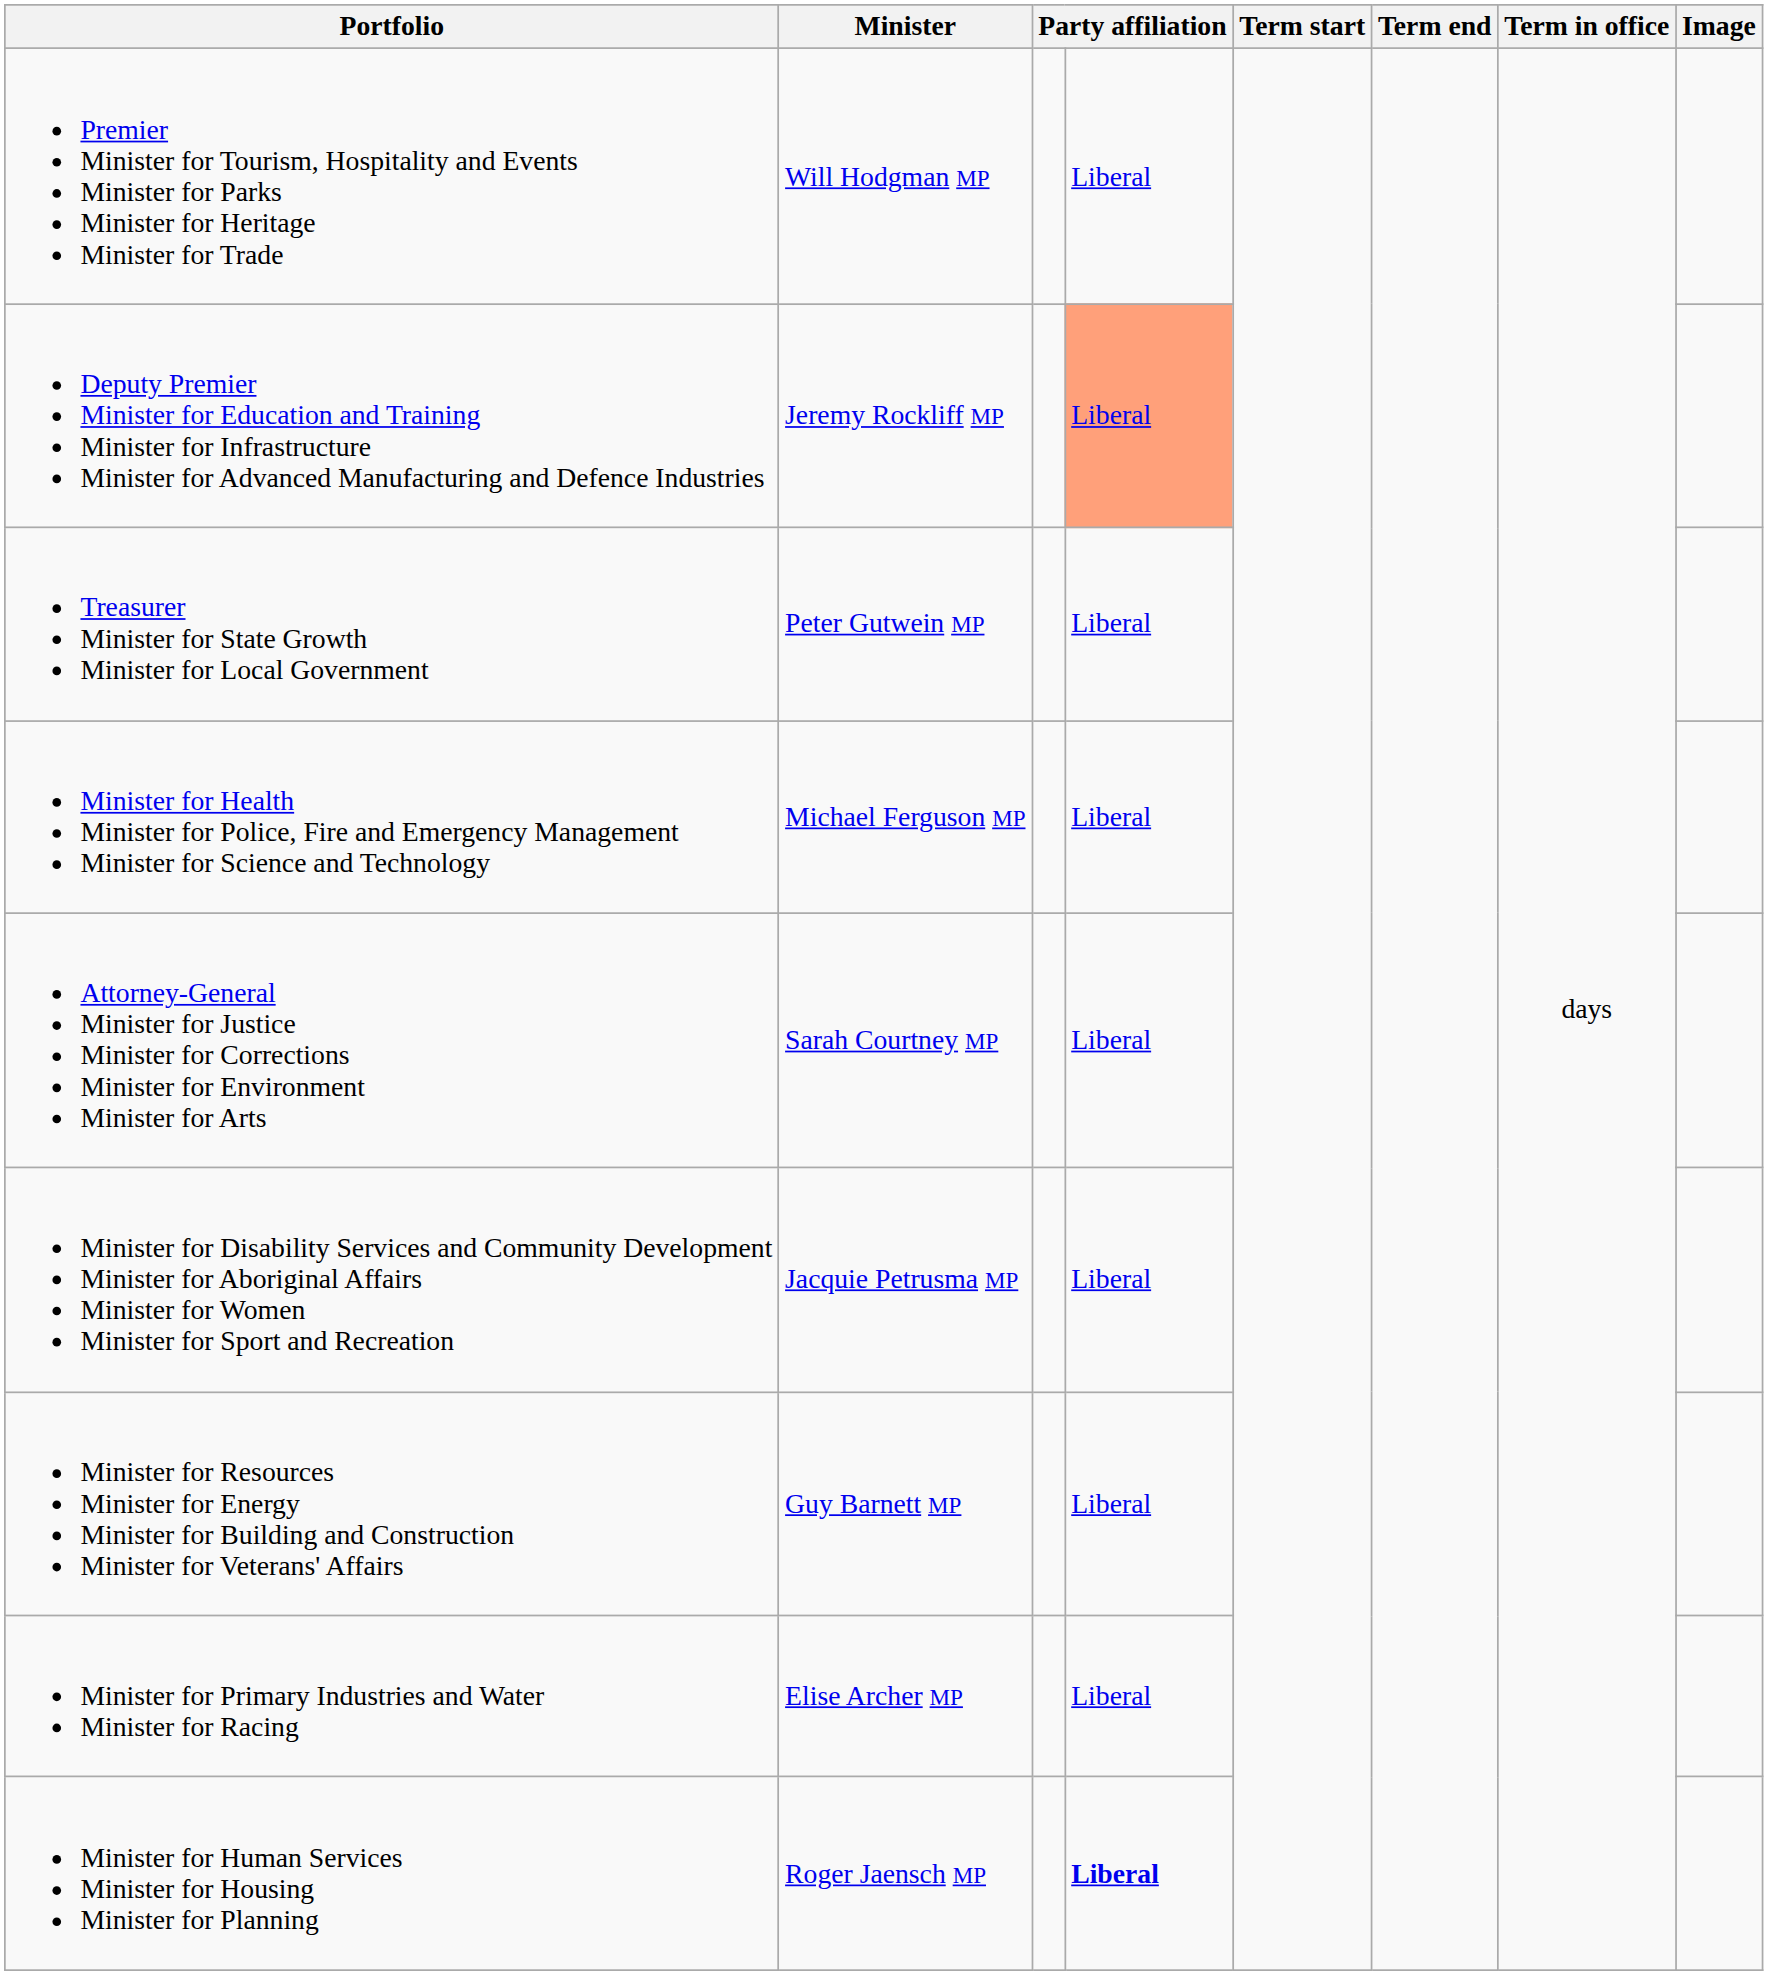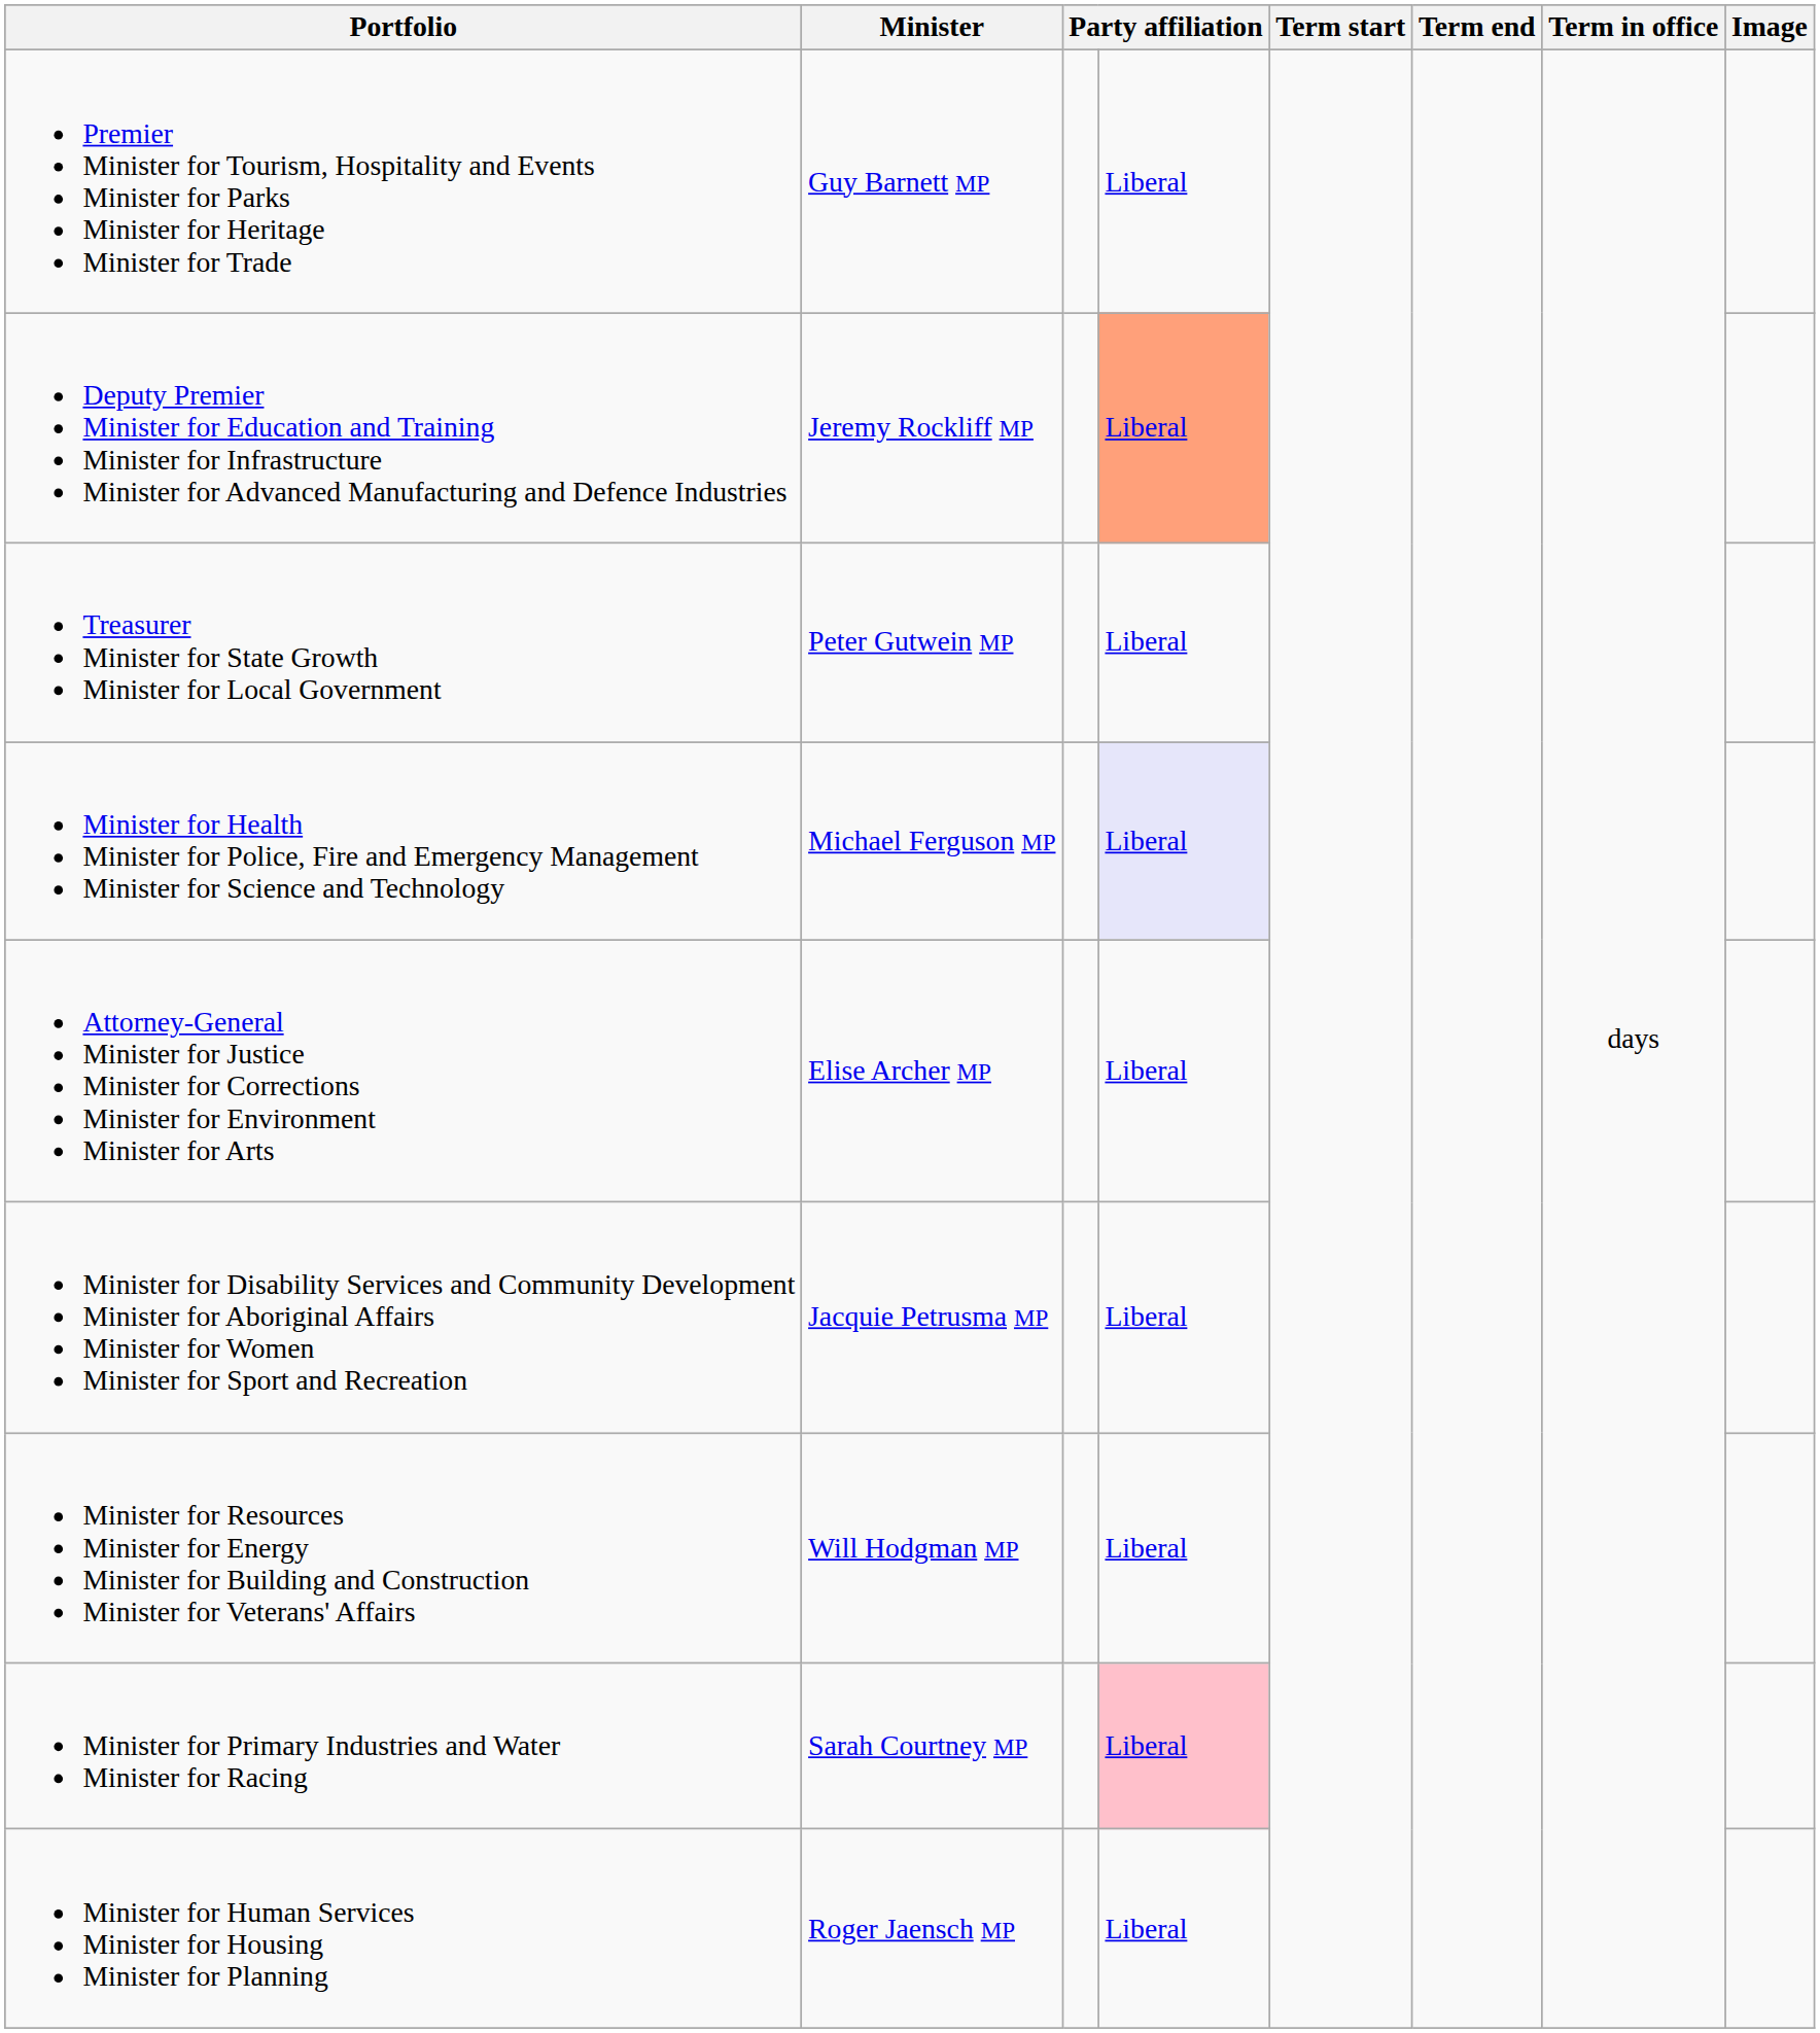 <table class="wikitable">
 <tr>
 <th>Portfolio</th>
 <th>Minister</th>
 <th colspan=2>Party affiliation</th>
 <th>Term start</th>
 <th>Term end</th>
 <th>Term in office</th>
 <th>Image</th>
 </tr>
 <tr>
 <td><br><ul><li><a href='#'>Premier</a></li><li>Minister for Tourism, Hospitality and Events</li><li>Minister for Parks</li><li>Minister for Heritage</li><li>Minister for Trade</li></ul></td>
-<td><a href='#'>Will Hodgman</a> <small><a href='#'>MP</a></small></td>
+<td><a href='#'>Guy Barnett</a> <small><a href='#'>MP</a></small></td>
 <td> </td>
 <td><a href='#'>Liberal</a></td>
 <td rowspan=9 align=center></td>
 <td rowspan=9 align=center></td>
 <td rowspan=9 align=center> days</td>
 <td></td>
 </tr>
 <tr>
 <td><br><ul><li><a href='#'>Deputy Premier</a></li><li><a href='#'>Minister for Education and Training</a></li><li>Minister for Infrastructure</li><li>Minister for Advanced Manufacturing and Defence Industries</li></ul></td>
 <td><a href='#'>Jeremy Rockliff</a> <small><a href='#'>MP</a></small></td>
 <td> </td>
 <td style="background: lightsalmon;"><a href='#'>Liberal</a></td>
 <td></td>
 </tr>
 <tr>
 <td><br><ul><li><a href='#'>Treasurer</a></li><li>Minister for State Growth</li><li>Minister for Local Government</li></ul></td>
 <td><a href='#'>Peter Gutwein</a> <small><a href='#'>MP</a></small></td>
 <td> </td>
 <td><a href='#'>Liberal</a></td>
 <td></td>
 </tr>
 <tr>
 <td><br><ul><li><a href='#'>Minister for Health</a></li><li>Minister for Police, Fire and Emergency Management</li><li>Minister for Science and Technology</li></ul></td>
 <td><a href='#'>Michael Ferguson</a> <small><a href='#'>MP</a></small></td>
 <td> </td>
-<td><a href='#'>Liberal</a></td>
+<td style="background: lavender;"><a href='#'>Liberal</a></td>
 <td></td>
 </tr>
 <tr>
 <td><br><ul><li><a href='#'>Attorney-General</a></li><li>Minister for Justice</li><li>Minister for Corrections</li><li>Minister for Environment</li><li>Minister for Arts</li></ul></td>
-<td><a href='#'>Sarah Courtney</a> <small><a href='#'>MP</a></small></td>
+<td><a href='#'>Elise Archer</a> <small><a href='#'>MP</a></small></td>
 <td> </td>
 <td><a href='#'>Liberal</a></td>
 <td></td>
 </tr>
 <tr>
 <td><br><ul><li>Minister for Disability Services and Community Development</li><li>Minister for Aboriginal Affairs</li><li>Minister for Women</li><li>Minister for Sport and Recreation</li></ul></td>
 <td><a href='#'>Jacquie Petrusma</a> <small><a href='#'>MP</a></small></td>
 <td> </td>
 <td><a href='#'>Liberal</a></td>
 <td></td>
 </tr>
 <tr>
 <td><br><ul><li>Minister for Resources</li><li>Minister for Energy</li><li>Minister for Building and Construction</li><li>Minister for Veterans' Affairs</li></ul></td>
-<td><a href='#'>Guy Barnett</a> <small><a href='#'>MP</a></small></td>
+<td><a href='#'>Will Hodgman</a> <small><a href='#'>MP</a></small></td>
 <td> </td>
 <td><a href='#'>Liberal</a></td>
 <td></td>
 </tr>
 <tr>
 <td><br><ul><li>Minister for Primary Industries and Water</li><li>Minister for Racing</li></ul></td>
-<td><a href='#'>Elise Archer</a> <small><a href='#'>MP</a></small></td>
+<td><a href='#'>Sarah Courtney</a> <small><a href='#'>MP</a></small></td>
 <td> </td>
-<td><a href='#'>Liberal</a></td>
+<td style="background: pink;"><a href='#'>Liberal</a></td>
 <td></td>
 </tr>
 <tr>
 <td><br><ul><li>Minister for Human Services</li><li>Minister for Housing</li><li>Minister for Planning</li></ul></td>
 <td><a href='#'>Roger Jaensch</a> <small><a href='#'>MP</a></small></td>
 <td> </td>
-<td><strong><a href='#'>Liberal</a></strong></td>
+<td><a href='#'>Liberal</a></td>
 <td></td>
 </tr>
 </table>
